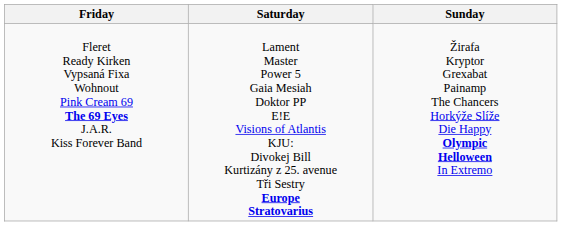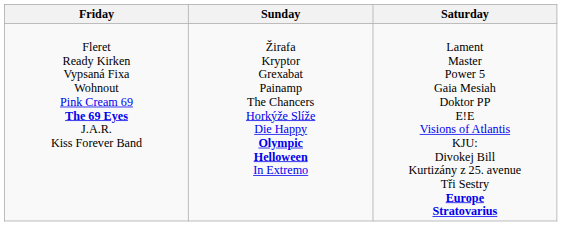 <table class="wikitable">
 <tr>
 <th>Friday</th>
+<th>Sunday</th>
 <th>Saturday</th>
-<th>Sunday</th>
 </tr>
 <tr>
 <td valign="top" align="center" width=235><br>Fleret <br> Ready Kirken <br> Vypsaná Fixa <br> Wohnout <br> <a href='#'>Pink Cream 69</a> <br> <strong><a href='#'>The 69 Eyes</a></strong><br> J.A.R.<br> Kiss Forever Band<br></td>
+<td valign="top" align="center" width=235><br>Žirafa <br> Kryptor<br> Grexabat<br> Painamp<br> The Chancers<br> <a href='#'>Horkýže Slíže</a><br> <a href='#'>Die Happy</a><br> <strong><a href='#'>Olympic</a></strong><br> <strong><a href='#'>Helloween</a></strong><br> <a href='#'>In Extremo</a><br></td>
 <td valign="top" align="center" width=235><br>Lament <br> Master<br> Power 5<br> Gaia Mesiah<br> Doktor PP <br> E!E<br> <a href='#'>Visions of Atlantis</a><br> KJU:<br> Divokej Bill<br> Kurtizány z 25. avenue<br> Tři Sestry<br> <strong><a href='#'>Europe</a></strong><br> <strong><a href='#'>Stratovarius</a></strong><br></td>
-<td valign="top" align="center" width=235><br>Žirafa <br> Kryptor<br> Grexabat<br> Painamp<br> The Chancers<br> <a href='#'>Horkýže Slíže</a><br> <a href='#'>Die Happy</a><br> <strong><a href='#'>Olympic</a></strong><br> <strong><a href='#'>Helloween</a></strong><br> <a href='#'>In Extremo</a><br></td>
 </tr>
 </table>
